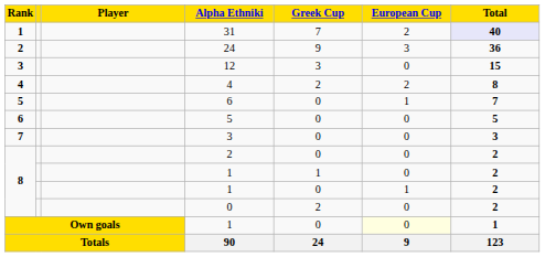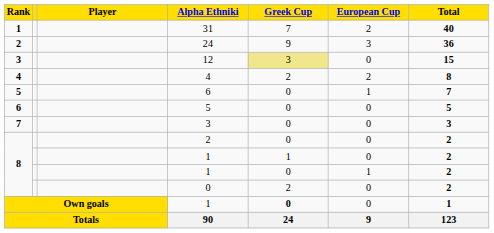 <table class="wikitable sortable" style="text-align: center">
 <tr>
 <th style="background:#FFDE00">Rank</th>
 <th style="background:#FFDE00"></th>
 <th width=200 style="background:#FFDE00">Player</th>
 <th width=120 style="background:#FFDE00"><a href='#'>Alpha Ethniki</a></th>
 <th width=120 style="background:#FFDE00"><a href='#'>Greek Cup</a></th>
 <th width=120 style="background:#FFDE00"><a href='#'>European Cup</a></th>
 <th width=120 style="background:#FFDE00">Total</th>
 </tr>
 <tr>
 <td><strong>1</strong></td>
 <td></td>
 <td align=left></td>
 <td>31</td>
 <td>7</td>
 <td>2</td>
-<td style="background: lavender;"><strong>40</strong></td>
+<td><strong>40</strong></td>
 </tr>
 <tr>
 <td><strong>2</strong></td>
 <td></td>
 <td align=left></td>
 <td>24</td>
 <td>9</td>
 <td>3</td>
 <td><strong>36</strong></td>
 </tr>
 <tr>
 <td><strong>3</strong></td>
 <td></td>
 <td align=left></td>
 <td>12</td>
-<td>3</td>
+<td style="background: khaki;">3</td>
 <td>0</td>
 <td><strong>15</strong></td>
 </tr>
 <tr>
 <td><strong>4</strong></td>
 <td></td>
 <td align=left></td>
 <td>4</td>
 <td>2</td>
 <td>2</td>
 <td><strong>8</strong></td>
 </tr>
 <tr>
 <td><strong>5</strong></td>
 <td></td>
 <td align=left></td>
 <td>6</td>
 <td>0</td>
 <td>1</td>
 <td><strong>7</strong></td>
 </tr>
 <tr>
 <td><strong>6</strong></td>
 <td></td>
 <td align=left></td>
 <td>5</td>
 <td>0</td>
 <td>0</td>
 <td><strong>5</strong></td>
 </tr>
 <tr>
 <td><strong>7</strong></td>
 <td></td>
 <td align=left></td>
 <td>3</td>
 <td>0</td>
 <td>0</td>
 <td><strong>3</strong></td>
 </tr>
 <tr>
 <td rowspan=4><strong>8</strong></td>
 <td></td>
 <td align=left></td>
 <td>2</td>
 <td>0</td>
 <td>0</td>
 <td><strong>2</strong></td>
 </tr>
 <tr>
 <td></td>
 <td align=left></td>
 <td>1</td>
 <td>1</td>
 <td>0</td>
 <td><strong>2</strong></td>
 </tr>
 <tr>
 <td></td>
 <td align=left></td>
 <td>1</td>
 <td>0</td>
 <td>1</td>
 <td><strong>2</strong></td>
 </tr>
 <tr>
 <td></td>
 <td align=left></td>
 <td>0</td>
 <td>2</td>
 <td>0</td>
 <td><strong>2</strong></td>
 </tr>
 <tr class="sortbottom">
 <td colspan=3 style="background:#FFDE00"><strong>Own goals</strong></td>
 <td>1</td>
+<td><strong>0</strong></td>
 <td>0</td>
-<td style="background: lightyellow;">0</td>
 <td><strong>1</strong></td>
 </tr>
 <tr class="sortbottom">
 <th colspan=3 style="background:#FFDE00"><strong>Totals</strong></th>
 <th><strong> 90</strong></th>
 <th><strong> 24</strong></th>
 <th><strong>  9</strong></th>
 <th><strong>123</strong></th>
 </tr>
 </table>
